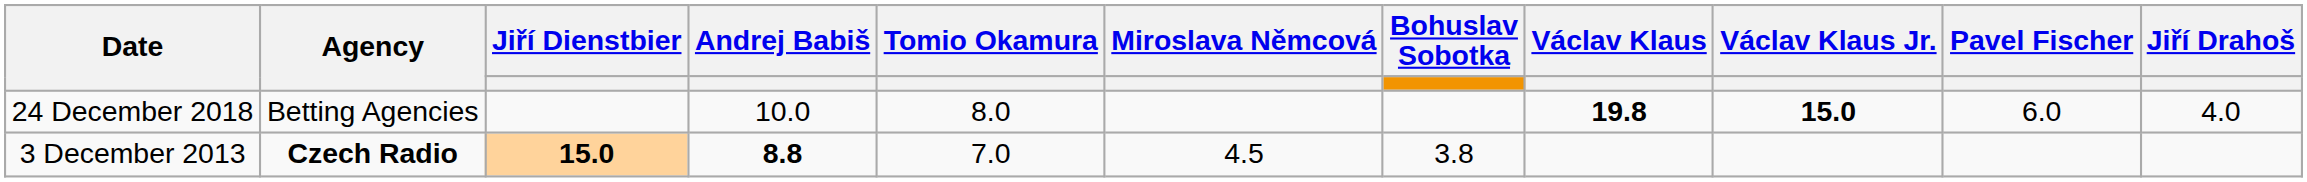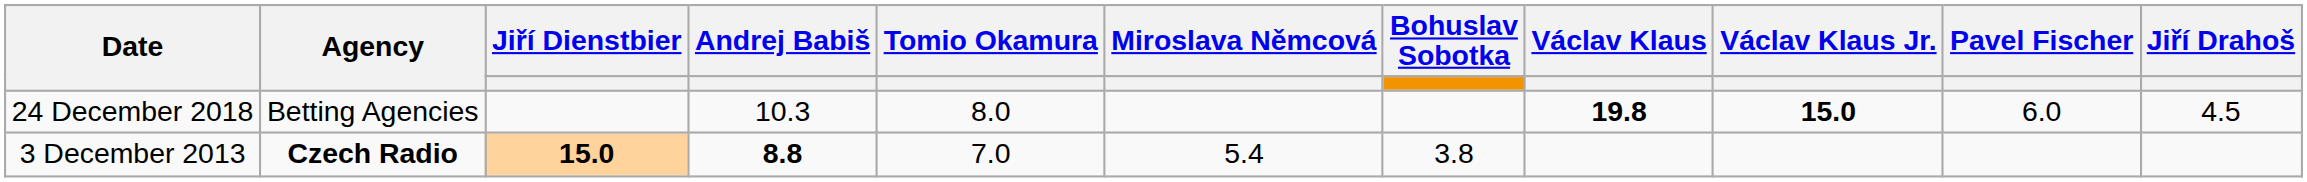 <table class="wikitable" style=text-align:center;font-size:85%;line-height:14px;">
 <tr>
 <th rowspan="2">Date</th>
 <th rowspan="2">Agency</th>
 <th><a href='#'>Jiří Dienstbier</a></th>
 <th><a href='#'>Andrej Babiš</a></th>
 <th><a href='#'>Tomio Okamura</a></th>
 <th><a href='#'>Miroslava Němcová</a></th>
 <th><a href='#'>Bohuslav Sobotka</a></th>
 <th><a href='#'>Václav Klaus</a></th>
 <th><a href='#'>Václav Klaus Jr.</a></th>
 <th><a href='#'>Pavel Fischer</a></th>
 <th><a href='#'>Jiří Drahoš</a></th>
 </tr>
 <tr>
 <th style="background:"></th>
 <th style="background:"></th>
 <th style="background:"></th>
 <th style="background:"></th>
 <th style="background:#F29400; width:40px;"></th>
 <th style="background:"></th>
 <th style="background:"></th>
 <th style="background:"></th>
 <th style="background:"></th>
 </tr>
 <tr>
 <td>24 December 2018</td>
 <td>Betting Agencies</td>
 <td></td>
-<td>10.0</td>
+<td>10.3</td>
 <td>8.0</td>
 <td></td>
 <td></td>
 <td><strong>19.8</strong></td>
 <td><strong>15.0</strong></td>
 <td>6.0</td>
-<td>4.0</td>
+<td>4.5</td>
 </tr>
 <tr>
 <td>3 December 2013</td>
 <td><strong>Czech Radio</strong></td>
 <td style="background:#FFD39B"><strong>15.0</strong></td>
 <td><strong>8.8</strong></td>
 <td>7.0</td>
-<td>4.5</td>
+<td>5.4</td>
 <td>3.8</td>
 <td></td>
 <td></td>
 <td></td>
 <td></td>
 </tr>
 </table>
